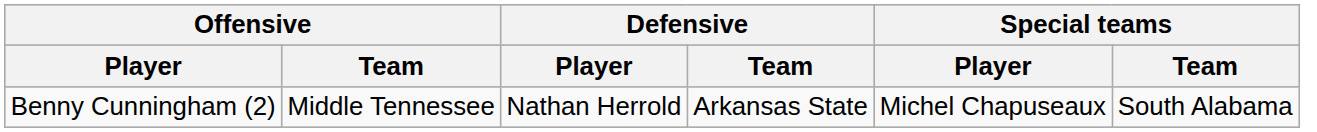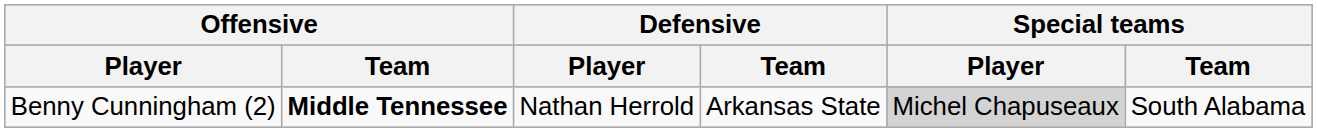 <table class="wikitable">
 <tr>
 <th colspan="2">Offensive</th>
 <th colspan="2">Defensive</th>
 <th colspan="2">Special teams</th>
 </tr>
 <tr>
 <th>Player</th>
 <th>Team</th>
 <th>Player</th>
 <th>Team</th>
 <th>Player</th>
 <th>Team</th>
 </tr>
 <tr>
 <td>Benny Cunningham (2)</td>
-<td>Middle Tennessee</td>
+<td><strong>Middle Tennessee</strong></td>
 <td>Nathan Herrold</td>
 <td>Arkansas State</td>
-<td>Michel Chapuseaux</td>
+<td style="background: lightgrey;">Michel Chapuseaux</td>
 <td>South Alabama</td>
 </tr>
 </table>
